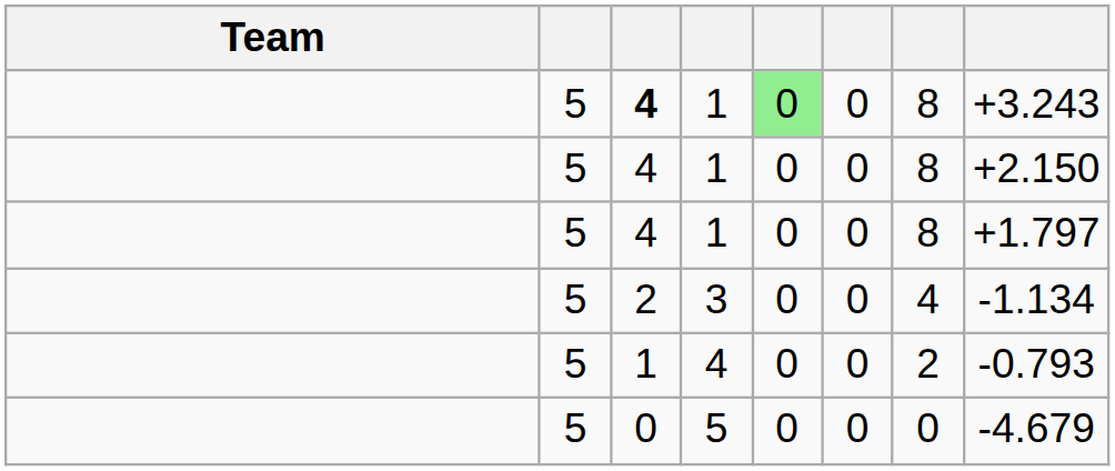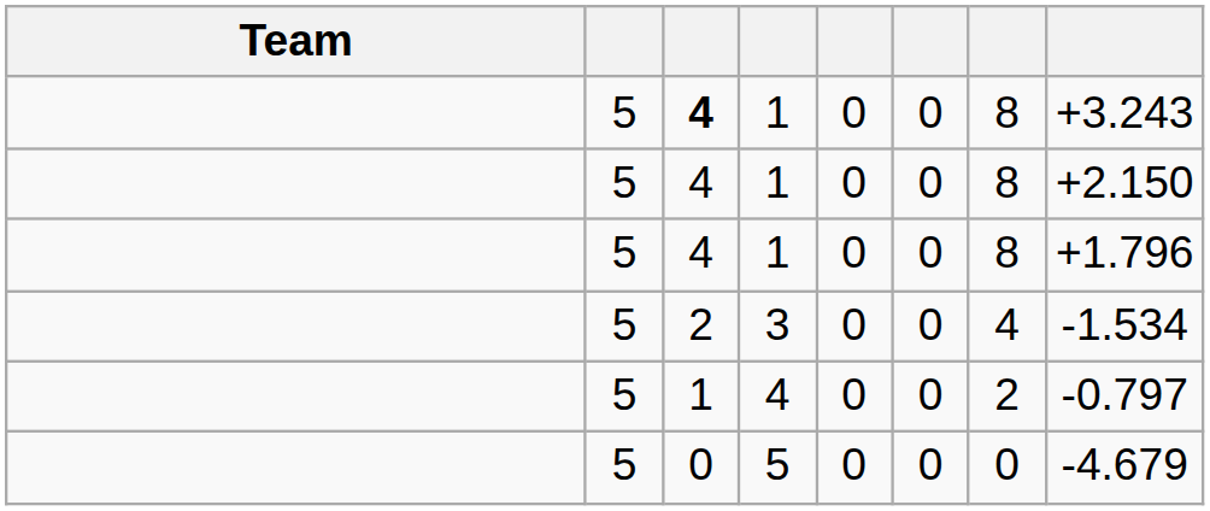 <table class="wikitable" style="text-align:center">
 <tr>
 <th width=200>Team</th>
 <th width=20></th>
 <th width=20></th>
 <th width=20></th>
 <th width=20></th>
 <th width=20></th>
 <th width=20></th>
 <th width=45></th>
 </tr>
 <tr>
 <td align="left"></td>
 <td>5</td>
 <td><strong>4</strong></td>
 <td>1</td>
-<td style="background: lightgreen;">0</td>
+<td>0</td>
 <td>0</td>
 <td>8</td>
 <td>+3.243</td>
 </tr>
 <tr>
 <td align="left"></td>
 <td>5</td>
 <td>4</td>
 <td>1</td>
 <td>0</td>
 <td>0</td>
 <td>8</td>
 <td>+2.150</td>
 </tr>
 <tr>
 <td align="left"></td>
 <td>5</td>
 <td>4</td>
 <td>1</td>
 <td>0</td>
 <td>0</td>
 <td>8</td>
-<td>+1.797</td>
+<td>+1.796</td>
 </tr>
 <tr>
 <td align="left"></td>
 <td>5</td>
 <td>2</td>
 <td>3</td>
 <td>0</td>
 <td>0</td>
 <td>4</td>
-<td>-1.134</td>
+<td>-1.534</td>
 </tr>
 <tr>
 <td align="left"></td>
 <td>5</td>
 <td>1</td>
 <td>4</td>
 <td>0</td>
 <td>0</td>
 <td>2</td>
-<td>-0.793</td>
+<td>-0.797</td>
 </tr>
 <tr>
 <td align="left"></td>
 <td>5</td>
 <td>0</td>
 <td>5</td>
 <td>0</td>
 <td>0</td>
 <td>0</td>
 <td>-4.679</td>
 </tr>
 </table>
